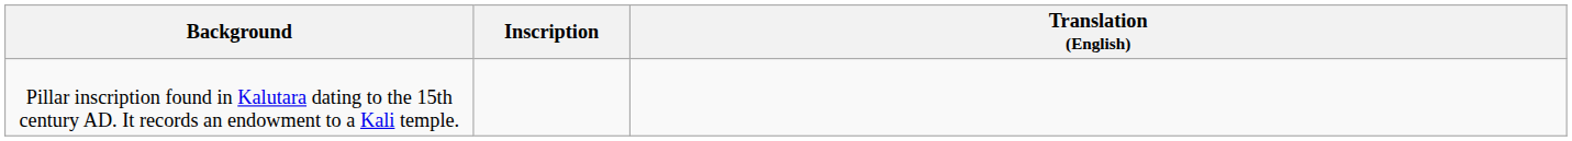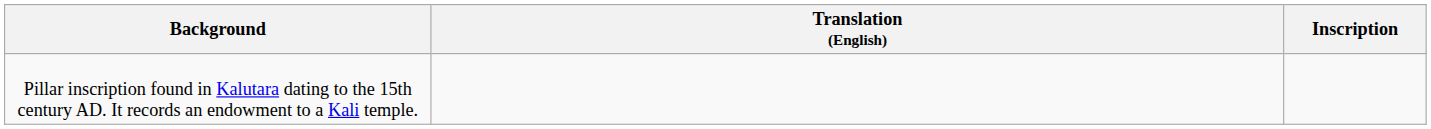 <table class="wikitable centre">
 <tr>
 <th scope="col" align=left>Background<br></th>
+<th>Translation<br><small>(English)</small></th>
 <th>Inscription<br></th>
-<th>Translation<br><small>(English)</small></th>
 </tr>
 <tr>
 <td align=center width="30%"><br>Pillar inscription found in <a href='#'>Kalutara</a> dating to the 15th century AD. It records an endowment to a <a href='#'>Kali</a> temple.</td>
+<td align=left><br></td>
 <td align=center width="10%"></td>
-<td align=left><br></td>
 </tr>
 </table>
